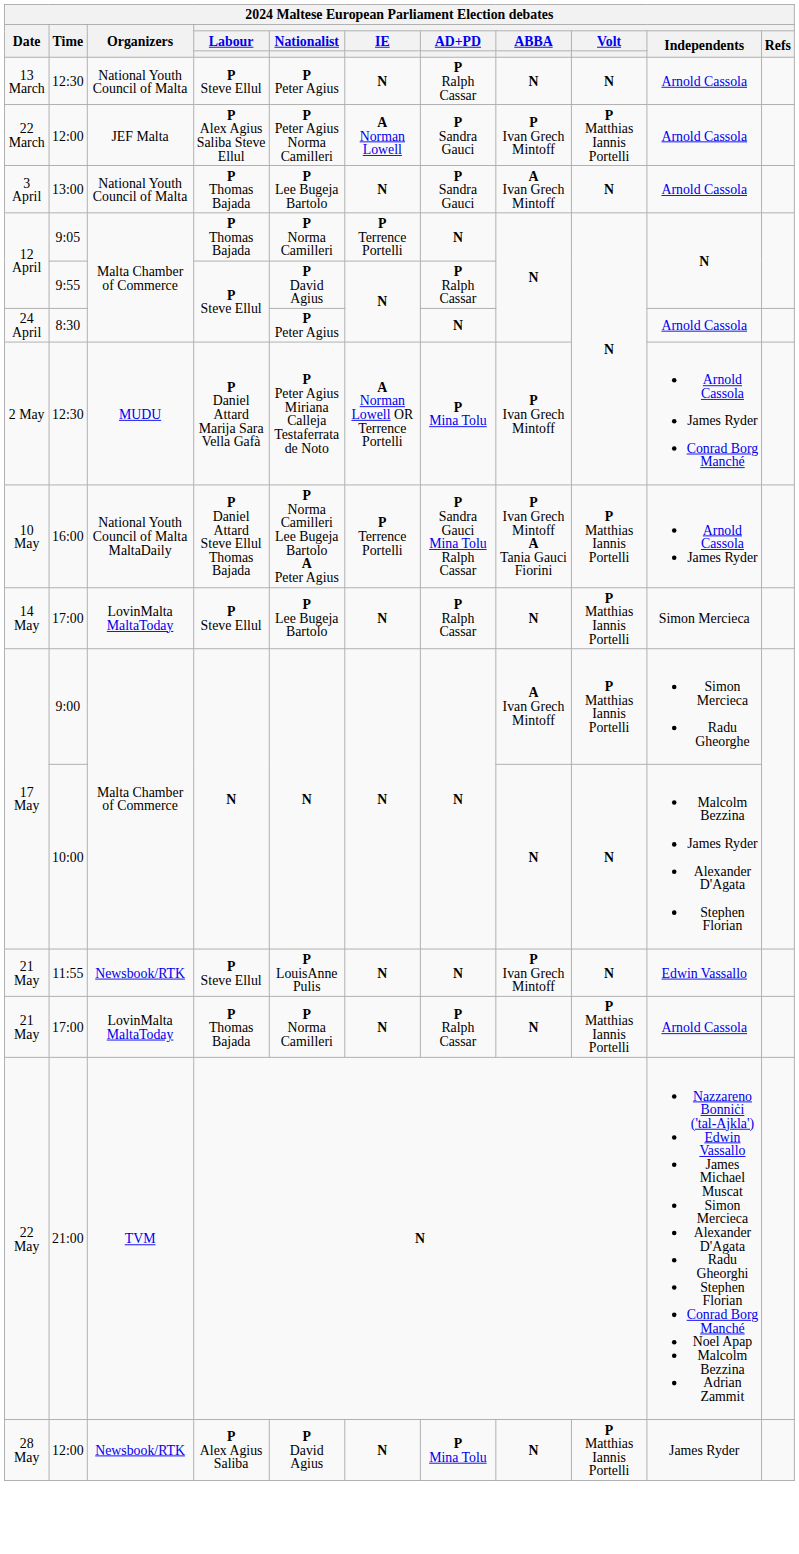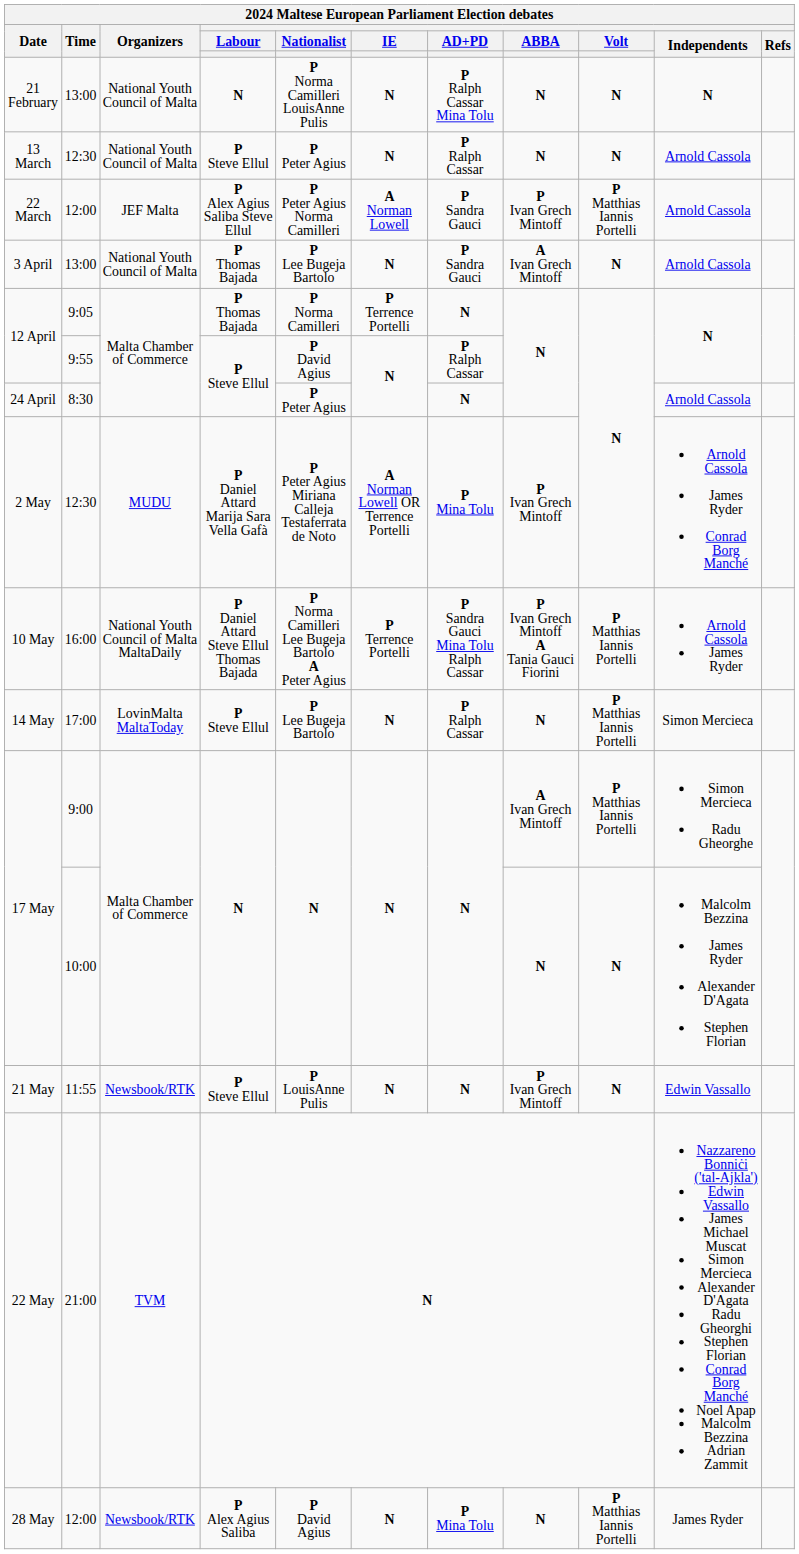 <table class="wikitable" style="font-size:95%; line-height:15px; text-align:center;">
 <tr>
 <th colspan="11">2024 Maltese European Parliament Election debates</th>
 </tr>
 <tr>
 <th rowspan="3">Date</th>
 <th rowspan="3">Time</th>
 <th rowspan="3">Organizers</th>
 <th colspan="8">      </th>
 </tr>
 <tr>
 <th scope="col" style="width:5em;"><a href='#'>Labour</a></th>
 <th scope="col" style="width:5em;"><a href='#'>Nationalist</a></th>
 <th scope="col" style="width:5em;"><a href='#'>IE</a></th>
 <th scope="col" style="width:5em;"><a href='#'>AD+PD</a></th>
 <th scope="col" style="width:5em;"><a href='#'>ABBA</a></th>
 <th scope="col" style="width:5em;"><a href='#'>Volt</a></th>
 <th rowspan="2">Independents</th>
 <th rowspan="2">Refs</th>
 </tr>
 <tr>
 <th style="background:"></th>
 <th style="background:"></th>
 <th style="background:"></th>
 <th style="background:"></th>
 <th style="background:"></th>
 <th style="background:"></th>
+</tr>
+<tr>
+<td>21 February</td>
+<td>13:00</td>
+<td>National Youth Council of Malta</td>
+<td><strong>N</strong></td>
+<td><strong>P</strong><br>Norma Camilleri LouisAnne Pulis</td>
+<td><strong>N</strong></td>
+<td><strong>P</strong><br>Ralph Cassar <a href='#'>Mina Tolu</a></td>
+<td><strong>N</strong></td>
+<td><strong>N</strong></td>
+<td><strong>N</strong></td>
+<td></td>
 </tr>
 <tr>
 <td>13 March</td>
 <td>12:30</td>
 <td>National Youth Council of Malta</td>
 <td><strong>P</strong><br>Steve Ellul</td>
 <td><strong>P</strong><br>Peter Agius</td>
 <td><strong>N</strong></td>
 <td><strong>P</strong><br>Ralph Cassar</td>
 <td><strong>N</strong></td>
 <td><strong>N</strong></td>
 <td><a href='#'>Arnold Cassola</a></td>
 <td></td>
 </tr>
 <tr>
 <td>22 March</td>
 <td>12:00</td>
 <td>JEF Malta</td>
 <td><strong>P</strong><br>Alex Agius Saliba Steve Ellul</td>
 <td><strong>P</strong><br>Peter Agius Norma Camilleri</td>
 <td><strong>A</strong><br><a href='#'>Norman Lowell</a></td>
 <td><strong>P</strong><br>Sandra Gauci</td>
 <td><strong>P</strong><br>Ivan Grech Mintoff</td>
 <td><strong>P</strong><br>Matthias Iannis Portelli</td>
 <td><a href='#'>Arnold Cassola</a></td>
 <td></td>
 </tr>
 <tr>
 <td>3 April</td>
 <td>13:00</td>
 <td>National Youth Council of Malta</td>
 <td><strong>P</strong><br>Thomas Bajada</td>
 <td><strong>P</strong><br>Lee Bugeja Bartolo</td>
 <td><strong>N</strong></td>
 <td><strong>P</strong><br>Sandra Gauci</td>
 <td><strong>A</strong><br>Ivan Grech Mintoff</td>
 <td><strong>N</strong></td>
 <td><a href='#'>Arnold Cassola</a></td>
 <td></td>
 </tr>
 <tr>
 <td rowspan="2">12 April</td>
 <td>9:05</td>
 <td rowspan="3">Malta Chamber of Commerce</td>
 <td><strong>P</strong><br>Thomas Bajada</td>
 <td><strong>P</strong><br>Norma Camilleri</td>
 <td><strong>P</strong><br>Terrence Portelli</td>
 <td><strong>N</strong></td>
 <td rowspan="3"><strong>N</strong></td>
 <td rowspan="4"><strong>N</strong></td>
 <td rowspan="2"><strong>N</strong></td>
 <td rowspan="2"></td>
 </tr>
 <tr>
 <td>9:55</td>
 <td rowspan="2"><strong>P</strong><br>Steve Ellul</td>
 <td><strong>P</strong><br>David Agius</td>
 <td rowspan="2"><strong>N</strong></td>
 <td><strong>P</strong><br>Ralph Cassar</td>
 </tr>
 <tr>
 <td>24 April</td>
 <td>8:30</td>
 <td><strong>P</strong><br>Peter Agius</td>
 <td><strong>N</strong></td>
 <td><a href='#'>Arnold Cassola</a></td>
 <td></td>
 </tr>
 <tr>
 <td>2 May</td>
 <td>12:30</td>
 <td><a href='#'>MUDU</a></td>
 <td><strong>P</strong><br>Daniel Attard Marija Sara Vella Gafà</td>
 <td><strong>P</strong><br>Peter Agius Miriana Calleja Testaferrata de Noto</td>
 <td><strong>A</strong><br><a href='#'>Norman Lowell</a> OR Terrence Portelli</td>
 <td><strong>P</strong><br><a href='#'>Mina Tolu</a></td>
 <td><strong>P</strong><br>Ivan Grech Mintoff</td>
 <td><br><ul><li><a href='#'>Arnold Cassola</a></li></ul><ul><li>James Ryder</li></ul><ul><li><a href='#'>Conrad Borg Manché</a></li></ul></td>
 <td></td>
 </tr>
 <tr>
 <td>10 May</td>
 <td>16:00</td>
 <td>National Youth Council of Malta<br>MaltaDaily</td>
 <td><strong>P</strong><br>Daniel Attard Steve Ellul<br>Thomas Bajada</td>
 <td><strong>P</strong><br>Norma Camilleri<br>Lee Bugeja Bartolo<br><strong>A</strong><br>Peter Agius</td>
 <td><strong>P</strong><br>Terrence Portelli</td>
 <td><strong>P</strong><br>Sandra Gauci<br><a href='#'>Mina Tolu</a><br>Ralph Cassar</td>
 <td><strong>P</strong><br>Ivan Grech Mintoff<br><strong>A</strong><br>Tania Gauci Fiorini</td>
 <td><strong>P</strong><br>Matthias Iannis Portelli</td>
 <td><br><ul><li><a href='#'>Arnold Cassola</a></li><li>James Ryder</li></ul></td>
 <td></td>
 </tr>
 <tr>
 <td>14 May</td>
 <td>17:00</td>
 <td>LovinMalta <a href='#'>MaltaToday</a></td>
 <td><strong>P</strong><br>Steve Ellul</td>
 <td><strong>P</strong><br>Lee Bugeja Bartolo</td>
 <td><strong>N</strong></td>
 <td><strong>P</strong><br>Ralph Cassar</td>
 <td><strong>N</strong></td>
 <td><strong>P</strong><br>Matthias Iannis Portelli</td>
 <td>Simon Mercieca</td>
 <td></td>
 </tr>
 <tr>
 <td rowspan="2">17 May</td>
 <td>9:00</td>
 <td rowspan="2">Malta Chamber of Commerce</td>
 <td rowspan="2"><strong>N</strong></td>
 <td rowspan="2"><strong>N</strong></td>
 <td rowspan="2"><strong>N</strong></td>
 <td rowspan="2"><strong>N</strong></td>
 <td><strong>A</strong><br>Ivan Grech Mintoff</td>
 <td><strong>P</strong><br>Matthias Iannis Portelli</td>
 <td><br><ul><li>Simon Mercieca</li></ul><ul><li>Radu Gheorghe</li></ul></td>
 <td rowspan="2"></td>
 </tr>
 <tr>
 <td>10:00</td>
 <td><strong>N</strong></td>
 <td><strong>N</strong></td>
 <td><br><ul><li>Malcolm Bezzina</li></ul><ul><li>James Ryder</li></ul><ul><li>Alexander D'Agata</li></ul><ul><li>Stephen Florian</li></ul></td>
 </tr>
 <tr>
 <td>21 May</td>
 <td>11:55</td>
 <td><a href='#'>Newsbook/RTK</a></td>
 <td><strong>P</strong><br>Steve Ellul</td>
 <td><strong>P</strong><br>LouisAnne Pulis</td>
 <td><strong>N</strong></td>
 <td><strong>N</strong></td>
 <td><strong>P</strong><br>Ivan Grech Mintoff</td>
 <td><strong>N</strong></td>
 <td><a href='#'>Edwin Vassallo</a></td>
 <td></td>
 </tr>
 <tr>
-<td>21 May</td>
-<td>17:00</td>
-<td>LovinMalta <a href='#'>MaltaToday</a></td>
-<td><strong>P</strong><br>Thomas Bajada</td>
-<td><strong>P</strong><br>Norma Camilleri</td>
-<td><strong>N</strong></td>
-<td><strong>P</strong><br>Ralph Cassar</td>
-<td><strong>N</strong></td>
-<td><strong>P</strong><br>Matthias Iannis Portelli</td>
-<td><a href='#'>Arnold Cassola</a></td>
-<td></td>
-</tr>
-<tr>
 <td>22 May</td>
 <td>21:00</td>
 <td><a href='#'>TVM</a></td>
 <td colspan="6"><strong>N</strong></td>
 <td><br><ul><li><a href='#'>Nazzareno Bonniċi ('tal-Ajkla')</a></li><li><a href='#'>Edwin Vassallo</a></li><li>James Michael Muscat</li><li>Simon Mercieca</li><li>Alexander D'Agata</li><li>Radu Gheorghi</li><li>Stephen Florian</li><li><a href='#'>Conrad Borg Manché</a></li><li>Noel Apap</li><li>Malcolm Bezzina</li><li>Adrian Zammit</li></ul></td>
 <td></td>
 </tr>
 <tr>
 <td>28 May</td>
 <td>12:00</td>
 <td><a href='#'>Newsbook/RTK</a></td>
 <td><strong>P</strong><br>Alex Agius Saliba</td>
 <td><strong>P</strong><br>David Agius</td>
 <td><strong>N</strong></td>
 <td><strong>P</strong><br><a href='#'>Mina Tolu</a></td>
 <td><strong>N</strong></td>
 <td><strong>P</strong><br>Matthias Iannis Portelli</td>
 <td>James Ryder</td>
 <td></td>
 </tr>
 </table>
